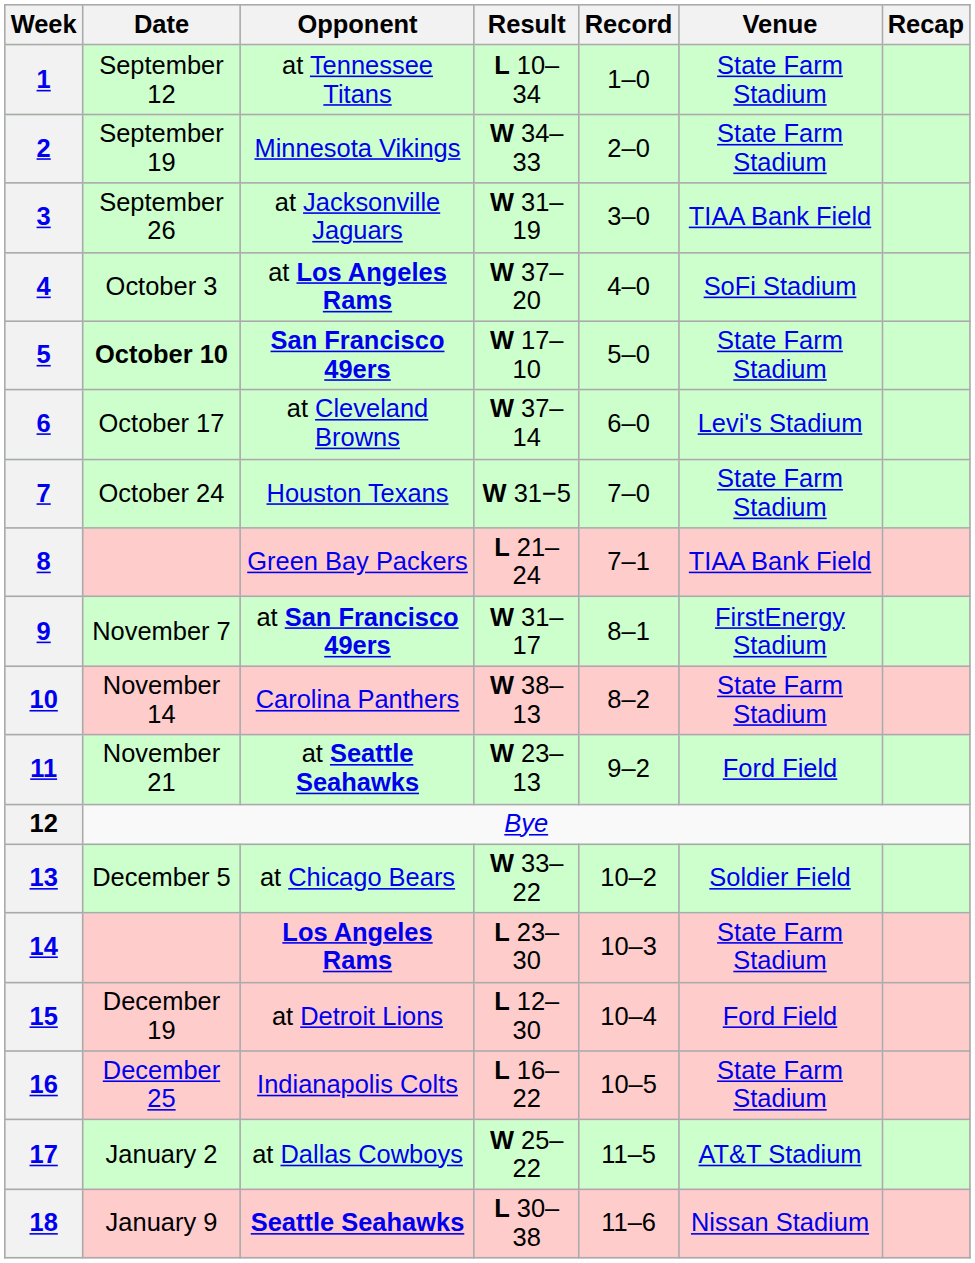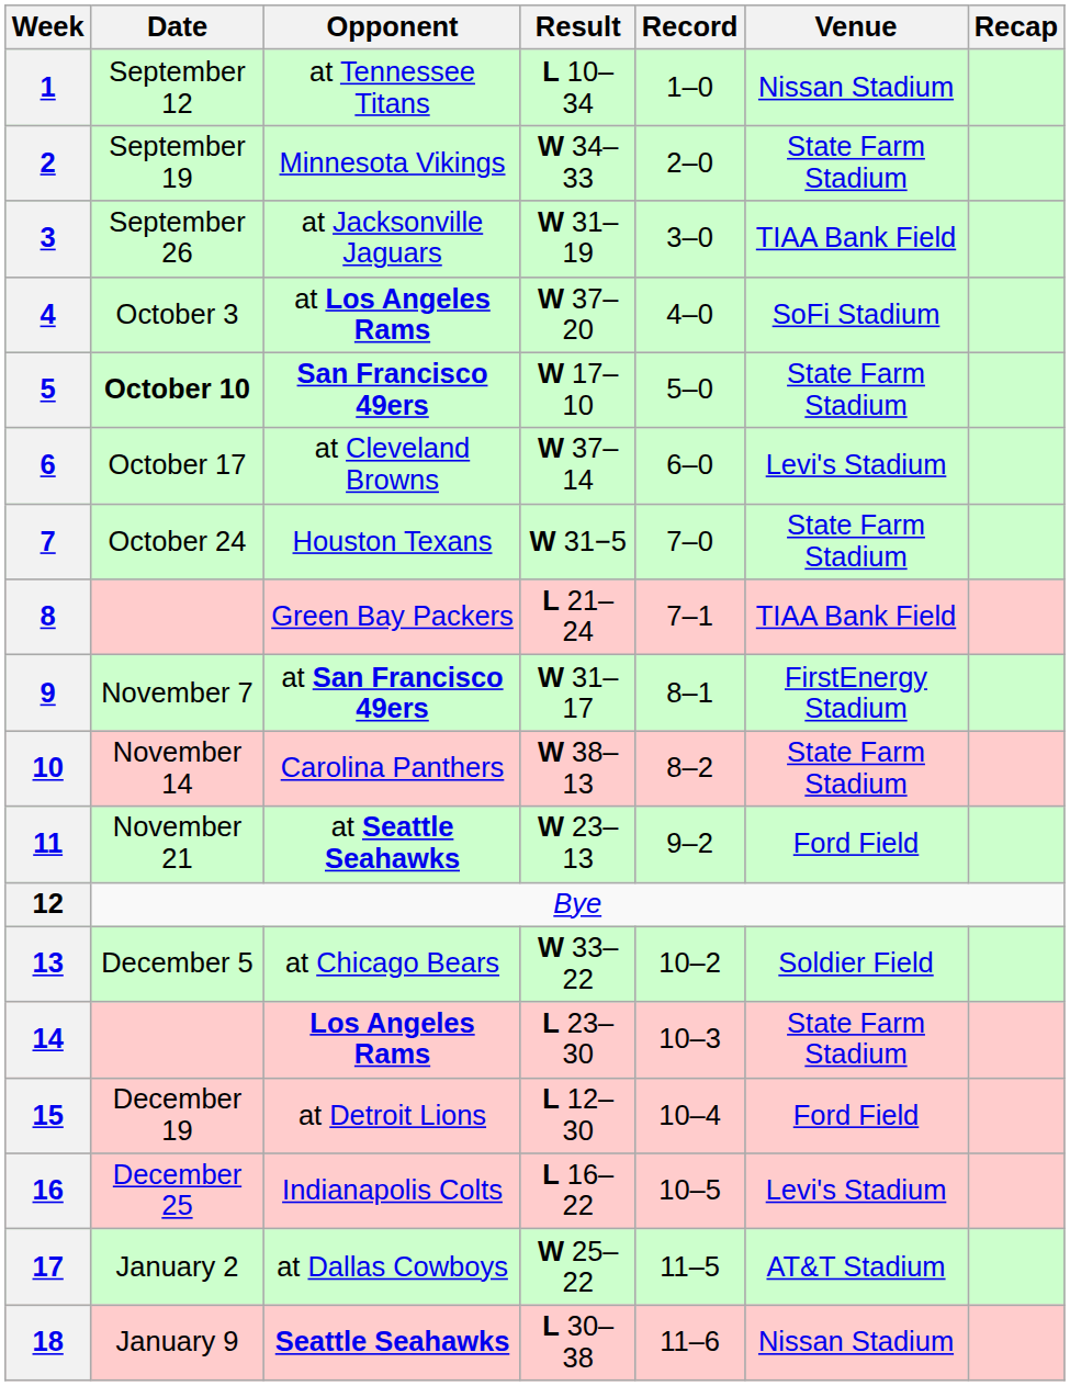 <table class="wikitable" style="text-align:center">
 <tr>
 <th>Week</th>
 <th>Date</th>
 <th>Opponent</th>
 <th>Result</th>
 <th>Record</th>
 <th>Venue</th>
 <th>Recap</th>
 </tr>
 <tr style="background:#cfc">
 <th><a href='#'>1</a></th>
 <td>September 12</td>
 <td>at <a href='#'>Tennessee Titans</a></td>
 <td><strong>L</strong> 10–34</td>
 <td>1–0</td>
-<td><a href='#'>State Farm Stadium</a></td>
+<td><a href='#'>Nissan Stadium</a></td>
 <td></td>
 </tr>
 <tr style="background:#cfc">
 <th><a href='#'>2</a></th>
 <td>September 19</td>
 <td><a href='#'>Minnesota Vikings</a></td>
 <td><strong>W</strong> 34–33</td>
 <td>2–0</td>
 <td><a href='#'>State Farm Stadium</a></td>
 <td></td>
 </tr>
 <tr style="background:#cfc">
 <th><a href='#'>3</a></th>
 <td>September 26</td>
 <td>at <a href='#'>Jacksonville Jaguars</a></td>
 <td><strong>W</strong> 31–19</td>
 <td>3–0</td>
 <td><a href='#'>TIAA Bank Field</a></td>
 <td></td>
 </tr>
 <tr style="background:#cfc">
 <th><a href='#'>4</a></th>
 <td>October 3</td>
 <td>at <strong><a href='#'>Los Angeles Rams</a></strong></td>
 <td><strong>W</strong> 37–20</td>
 <td>4–0</td>
 <td><a href='#'>SoFi Stadium</a></td>
 <td></td>
 </tr>
 <tr style="background:#cfc">
 <th><a href='#'>5</a></th>
 <td><strong>October 10</strong></td>
 <td><strong><a href='#'>San Francisco 49ers</a></strong></td>
 <td><strong>W</strong> 17–10</td>
 <td>5–0</td>
 <td><a href='#'>State Farm Stadium</a></td>
 <td></td>
 </tr>
 <tr style="background:#cfc">
 <th><a href='#'>6</a></th>
 <td>October 17</td>
 <td>at <a href='#'>Cleveland Browns</a></td>
 <td><strong>W</strong> 37–14</td>
 <td>6–0</td>
 <td><a href='#'>Levi's Stadium</a></td>
 <td></td>
 </tr>
 <tr style="background:#cfc">
 <th><a href='#'>7</a></th>
 <td>October 24</td>
 <td><a href='#'>Houston Texans</a></td>
 <td><strong>W</strong> 31−5</td>
 <td>7–0</td>
 <td><a href='#'>State Farm Stadium</a></td>
 <td></td>
 </tr>
 <tr style="background:#fcc">
 <th><a href='#'>8</a></th>
 <td></td>
 <td><a href='#'>Green Bay Packers</a></td>
 <td><strong>L</strong> 21–24</td>
 <td>7–1</td>
 <td><a href='#'>TIAA Bank Field</a></td>
 <td></td>
 </tr>
 <tr style="background:#cfc">
 <th><a href='#'>9</a></th>
 <td>November 7</td>
 <td>at <strong><a href='#'>San Francisco 49ers</a></strong></td>
 <td><strong>W</strong> 31–17</td>
 <td>8–1</td>
 <td><a href='#'>FirstEnergy Stadium</a></td>
 <td></td>
 </tr>
 <tr style="background:#fcc">
 <th><a href='#'>10</a></th>
 <td>November 14</td>
 <td><a href='#'>Carolina Panthers</a></td>
 <td><strong>W</strong> 38–13</td>
 <td>8–2</td>
 <td><a href='#'>State Farm Stadium</a></td>
 <td></td>
 </tr>
 <tr style="background:#cfc">
 <th><a href='#'>11</a></th>
 <td>November 21</td>
 <td>at <strong><a href='#'>Seattle Seahawks</a></strong></td>
 <td><strong>W</strong> 23–13</td>
 <td>9–2</td>
 <td><a href='#'>Ford Field</a></td>
 <td></td>
 </tr>
 <tr>
 <th>12</th>
 <td colspan="6"><em><a href='#'>Bye</a></em></td>
 </tr>
 <tr style="background:#cfc">
 <th><a href='#'>13</a></th>
 <td>December 5</td>
 <td>at <a href='#'>Chicago Bears</a></td>
 <td><strong>W</strong> 33–22</td>
 <td>10–2</td>
 <td><a href='#'>Soldier Field</a></td>
 <td></td>
 </tr>
 <tr style="background:#fcc">
 <th><a href='#'>14</a></th>
 <td></td>
 <td><strong><a href='#'>Los Angeles Rams</a></strong></td>
 <td><strong>L</strong> 23–30</td>
 <td>10–3</td>
 <td><a href='#'>State Farm Stadium</a></td>
 <td></td>
 </tr>
 <tr style="background:#fcc">
 <th><a href='#'>15</a></th>
 <td>December 19</td>
 <td>at <a href='#'>Detroit Lions</a></td>
 <td><strong>L</strong> 12–30</td>
 <td>10–4</td>
 <td><a href='#'>Ford Field</a></td>
 <td></td>
 </tr>
 <tr style="background:#fcc">
 <th><a href='#'>16</a></th>
 <td><a href='#'>December 25</a></td>
 <td><a href='#'>Indianapolis Colts</a></td>
 <td><strong>L</strong> 16–22</td>
 <td>10–5</td>
-<td><a href='#'>State Farm Stadium</a></td>
+<td><a href='#'>Levi's Stadium</a></td>
 <td></td>
 </tr>
 <tr style="background:#cfc">
 <th><a href='#'>17</a></th>
 <td>January 2</td>
 <td>at <a href='#'>Dallas Cowboys</a></td>
 <td><strong>W</strong> 25–22</td>
 <td>11–5</td>
 <td><a href='#'>AT&T Stadium</a></td>
 <td></td>
 </tr>
 <tr style="background:#fcc">
 <th><a href='#'>18</a></th>
 <td>January 9</td>
 <td><strong><a href='#'>Seattle Seahawks</a></strong></td>
 <td><strong>L</strong> 30–38</td>
 <td>11–6</td>
 <td><a href='#'>Nissan Stadium</a></td>
 <td></td>
 </tr>
 </table>
